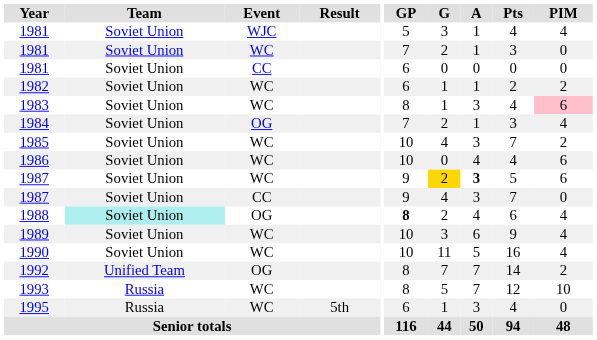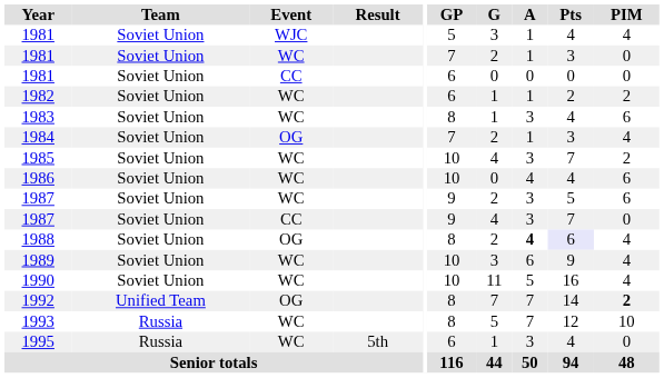 <table border="0" cellpadding="1" cellspacing="0" ID="Table3" style="text-align:center; width:40em">
 <tr ALIGN="center" bgcolor="#e0e0e0">
 <th>Year</th>
 <th>Team</th>
 <th>Event</th>
 <th>Result</th>
 <th rowspan="99" bgcolor="#ffffff"></th>
 <th>GP</th>
 <th>G</th>
 <th>A</th>
 <th>Pts</th>
 <th>PIM</th>
 </tr>
 <tr>
 <td><a href='#'>1981</a></td>
 <td><a href='#'>Soviet Union</a></td>
 <td><a href='#'>WJC</a></td>
 <td></td>
 <td>5</td>
 <td>3</td>
 <td>1</td>
 <td>4</td>
 <td>4</td>
 </tr>
 <tr bgcolor="#f0f0f0">
 <td><a href='#'>1981</a></td>
 <td><a href='#'>Soviet Union</a></td>
 <td><a href='#'>WC</a></td>
 <td></td>
 <td>7</td>
 <td>2</td>
 <td>1</td>
 <td>3</td>
 <td>0</td>
 </tr>
 <tr>
 <td><a href='#'>1981</a></td>
 <td>Soviet Union</td>
 <td><a href='#'>CC</a></td>
 <td></td>
 <td>6</td>
 <td>0</td>
 <td>0</td>
 <td>0</td>
 <td>0</td>
 </tr>
 <tr bgcolor="#f0f0f0">
 <td><a href='#'>1982</a></td>
 <td>Soviet Union</td>
 <td>WC</td>
 <td></td>
 <td>6</td>
 <td>1</td>
 <td>1</td>
 <td>2</td>
 <td>2</td>
 </tr>
 <tr>
 <td><a href='#'>1983</a></td>
 <td>Soviet Union</td>
 <td>WC</td>
 <td></td>
 <td>8</td>
 <td>1</td>
 <td>3</td>
 <td>4</td>
-<td style="background: pink;">6</td>
+<td>6</td>
 </tr>
 <tr bgcolor="f0f0f0">
 <td><a href='#'>1984</a></td>
 <td>Soviet Union</td>
 <td><a href='#'>OG</a></td>
 <td></td>
 <td>7</td>
 <td>2</td>
 <td>1</td>
 <td>3</td>
 <td>4</td>
 </tr>
 <tr>
 <td><a href='#'>1985</a></td>
 <td>Soviet Union</td>
 <td>WC</td>
 <td></td>
 <td>10</td>
 <td>4</td>
 <td>3</td>
 <td>7</td>
 <td>2</td>
 </tr>
 <tr bgcolor="f0f0f0">
 <td><a href='#'>1986</a></td>
 <td>Soviet Union</td>
 <td>WC</td>
 <td></td>
 <td>10</td>
 <td>0</td>
 <td>4</td>
 <td>4</td>
 <td>6</td>
 </tr>
 <tr>
 <td><a href='#'>1987</a></td>
 <td>Soviet Union</td>
 <td>WC</td>
 <td></td>
 <td>9</td>
-<td style="background: gold;">2</td>
-<td><strong>3</strong></td>
+<td>2</td>
+<td>3</td>
 <td>5</td>
 <td>6</td>
 </tr>
 <tr bgcolor="f0f0f0">
 <td><a href='#'>1987</a></td>
 <td>Soviet Union</td>
 <td>CC</td>
 <td></td>
 <td>9</td>
 <td>4</td>
 <td>3</td>
 <td>7</td>
 <td>0</td>
 </tr>
 <tr>
 <td><a href='#'>1988</a></td>
-<td style="background: paleturquoise;">Soviet Union</td>
+<td>Soviet Union</td>
 <td>OG</td>
 <td></td>
-<td><strong>8</strong></td>
+<td>8</td>
 <td>2</td>
-<td>4</td>
-<td>6</td>
+<td><strong>4</strong></td>
+<td style="background: lavender;">6</td>
 <td>4</td>
 </tr>
 <tr bgcolor="f0f0f0">
 <td><a href='#'>1989</a></td>
 <td>Soviet Union</td>
 <td>WC</td>
 <td></td>
 <td>10</td>
 <td>3</td>
 <td>6</td>
 <td>9</td>
 <td>4</td>
 </tr>
 <tr>
 <td><a href='#'>1990</a></td>
 <td>Soviet Union</td>
 <td>WC</td>
 <td></td>
 <td>10</td>
 <td>11</td>
 <td>5</td>
 <td>16</td>
 <td>4</td>
 </tr>
 <tr bgcolor="f0f0f0">
 <td><a href='#'>1992</a></td>
 <td><a href='#'>Unified Team</a></td>
 <td>OG</td>
 <td></td>
 <td>8</td>
 <td>7</td>
 <td>7</td>
 <td>14</td>
-<td>2</td>
+<td><strong>2</strong></td>
 </tr>
 <tr>
 <td><a href='#'>1993</a></td>
 <td><a href='#'>Russia</a></td>
 <td>WC</td>
 <td></td>
 <td>8</td>
 <td>5</td>
 <td>7</td>
 <td>12</td>
 <td>10</td>
 </tr>
 <tr bgcolor="f0f0f0">
 <td><a href='#'>1995</a></td>
 <td>Russia</td>
 <td>WC</td>
 <td>5th</td>
 <td>6</td>
 <td>1</td>
 <td>3</td>
 <td>4</td>
 <td>0</td>
 </tr>
 <tr bgcolor="#e0e0e0">
 <th colspan=4>Senior totals</th>
 <th>116</th>
 <th>44</th>
 <th>50</th>
 <th>94</th>
 <th>48</th>
 </tr>
 </table>
